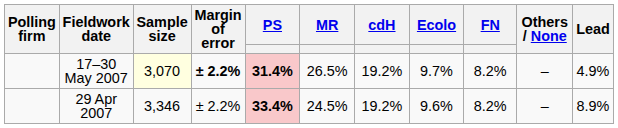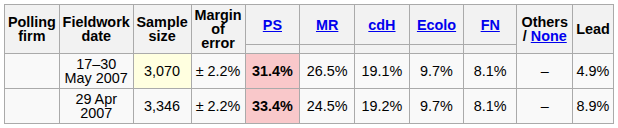 <table class="wikitable sortable" style="text-align:center;font-size:90%;line-height:14px;">
 <tr style="height:40px;">
 <th rowspan="2">Polling firm</th>
 <th rowspan="2">Fieldwork date</th>
 <th rowspan="2">Sample<br>size</th>
 <th rowspan="2">Margin<br>of error</th>
 <th class="unsortable" style="width:50px;"><a href='#'>PS</a></th>
 <th class="unsortable" style="width:50px;"><a href='#'>MR</a></th>
 <th class="unsortable" style="width:50px;"><a href='#'>cdH</a></th>
 <th class="unsortable" style="width:50px;"><a href='#'>Ecolo</a></th>
 <th class="unsortable" style="width:50px;"><a href='#'>FN</a></th>
 <th rowspan="2" class="unsortable" style="width:50px;">Others / <a href='#'>None</a></th>
 <th rowspan="2">Lead</th>
 </tr>
 <tr>
 <th class="unsortable" style="color:inherit;background:"></th>
 <th class="unsortable" style="color:inherit;background:"></th>
 <th class="unsortable" style="color:inherit;background:"></th>
 <th class="unsortable" style="color:inherit;background:"></th>
 <th class="unsortable" style="color:inherit;background:"></th>
 </tr>
 <tr>
 <td></td>
 <td data-sort-value="2007-05-30">17–30 May 2007</td>
 <td style="background: lightyellow;">3,070</td>
-<td><strong>± 2.2%</strong></td>
+<td>± 2.2%</td>
 <td style="background:#F9C8CA"><strong>31.4%</strong></td>
 <td>26.5%</td>
-<td>19.2%</td>
+<td>19.1%</td>
 <td>9.7%</td>
-<td>8.2%</td>
+<td>8.1%</td>
 <td>–</td>
 <td style="background:">4.9%</td>
 </tr>
 <tr>
 <td></td>
 <td data-sort-value="2007-04-29">29 Apr 2007</td>
 <td>3,346</td>
 <td>± 2.2%</td>
 <td style="background:#F9C8CA"><strong>33.4%</strong></td>
 <td>24.5%</td>
 <td>19.2%</td>
-<td>9.6%</td>
-<td>8.2%</td>
+<td>9.7%</td>
+<td>8.1%</td>
 <td>–</td>
 <td style="background:">8.9%</td>
 </tr>
 <tr>
 </tr>
 </table>
